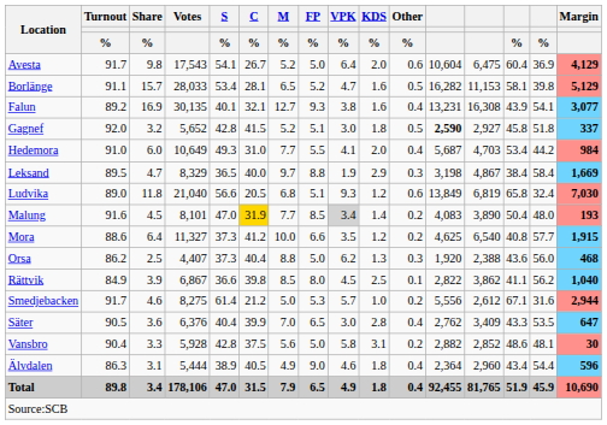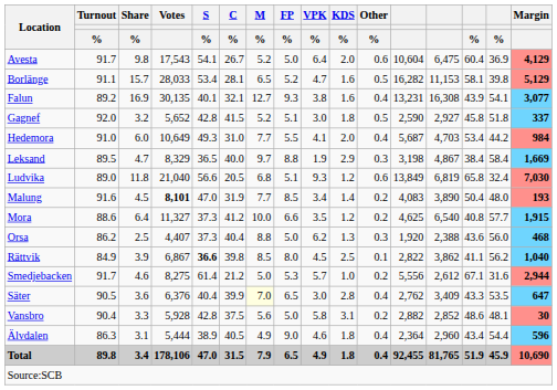 <table class="wikitable sortable" style="text-align:right; font-size:95%; line-height:20px;">
 <tr>
 <th rowspan="3">Location</th>
 <th>Turnout</th>
 <th>Share</th>
 <th>Votes</th>
 <th width="30px" class="unsortable"><a href='#'>S</a></th>
 <th width="30px" class="unsortable"><a href='#'>C</a></th>
 <th width="30px" class="unsortable"><a href='#'>M</a></th>
 <th width="30px" class="unsortable"><a href='#'>FP</a></th>
 <th width="30px" class="unsortable"><a href='#'>VPK</a></th>
 <th width="30px" class="unsortable"><a href='#'>KDS</a></th>
 <th width="30px" class="unsortable">Other</th>
 <th></th>
 <th></th>
 <th></th>
 <th></th>
 <th>Margin</th>
 </tr>
 <tr>
 <th></th>
 <th></th>
 <th></th>
 <th style="background:"></th>
 <th style="background:"></th>
 <th style="background:"></th>
 <th style="background:"></th>
 <th style="background:"></th>
 <th style="background:"></th>
 <th style="background:"></th>
 <th style="background:"></th>
 <th style="background:"></th>
 <th style="background:"></th>
 <th style="background:"></th>
 <th></th>
 </tr>
 <tr>
 <th data-sort-type="number">%</th>
 <th data-sort-type="number">%</th>
 <th></th>
 <th data-sort-type="number">%</th>
 <th data-sort-type="number">%</th>
 <th data-sort-type="number">%</th>
 <th data-sort-type="number">%</th>
 <th data-sort-type="number">%</th>
 <th data-sort-type="number">%</th>
 <th data-sort-type="number">%</th>
 <th data-sort-type="number"></th>
 <th data-sort-type="number"></th>
 <th data-sort-type="number">%</th>
 <th data-sort-type="number">%</th>
 <th data-sort-type="number"></th>
 </tr>
 <tr>
 <td align=left><a href='#'>Avesta</a></td>
 <td>91.7</td>
 <td>9.8</td>
 <td>17,543</td>
 <td>54.1</td>
 <td>26.7</td>
 <td>5.2</td>
 <td>5.0</td>
 <td>6.4</td>
 <td>2.0</td>
 <td>0.6</td>
 <td>10,604</td>
 <td>6,475</td>
 <td>60.4</td>
 <td>36.9</td>
 <td bgcolor=#ff908c><strong>4,129</strong></td>
 </tr>
 <tr>
 <td align=left><a href='#'>Borlänge</a></td>
 <td>91.1</td>
 <td>15.7</td>
 <td>28,033</td>
 <td>53.4</td>
 <td>28.1</td>
 <td>6.5</td>
 <td>5.2</td>
 <td>4.7</td>
 <td>1.6</td>
 <td>0.5</td>
 <td>16,282</td>
 <td>11,153</td>
 <td>58.1</td>
 <td>39.8</td>
 <td bgcolor=#ff908c><strong>5,129</strong></td>
 </tr>
 <tr>
 <td align=left><a href='#'>Falun</a></td>
 <td>89.2</td>
 <td>16.9</td>
 <td>30,135</td>
 <td>40.1</td>
 <td>32.1</td>
 <td>12.7</td>
 <td>9.3</td>
 <td>3.8</td>
 <td>1.6</td>
 <td>0.4</td>
 <td>13,231</td>
 <td>16,308</td>
 <td>43.9</td>
 <td>54.1</td>
 <td bgcolor=#6fd5fe><strong>3,077</strong></td>
 </tr>
 <tr>
 <td align=left><a href='#'>Gagnef</a></td>
 <td>92.0</td>
 <td>3.2</td>
 <td>5,652</td>
 <td>42.8</td>
 <td>41.5</td>
 <td>5.2</td>
 <td>5.1</td>
 <td>3.0</td>
 <td>1.8</td>
 <td>0.5</td>
-<td><strong>2,590</strong></td>
+<td>2,590</td>
 <td>2,927</td>
 <td>45.8</td>
 <td>51.8</td>
 <td bgcolor=#6fd5fe><strong>337</strong></td>
 </tr>
 <tr>
 <td align=left><a href='#'>Hedemora</a></td>
 <td>91.0</td>
 <td>6.0</td>
 <td>10,649</td>
 <td>49.3</td>
 <td>31.0</td>
 <td>7.7</td>
 <td>5.5</td>
 <td>4.1</td>
 <td>2.0</td>
 <td>0.4</td>
 <td>5,687</td>
 <td>4,703</td>
 <td>53.4</td>
 <td>44.2</td>
 <td bgcolor=#ff908c><strong>984</strong></td>
 </tr>
 <tr>
 <td align=left><a href='#'>Leksand</a></td>
 <td>89.5</td>
 <td>4.7</td>
 <td>8,329</td>
 <td>36.5</td>
 <td>40.0</td>
 <td>9.7</td>
 <td>8.8</td>
 <td>1.9</td>
 <td>2.9</td>
 <td>0.3</td>
 <td>3,198</td>
 <td>4,867</td>
 <td>38.4</td>
 <td>58.4</td>
 <td bgcolor=#6fd5fe><strong>1,669</strong></td>
 </tr>
 <tr>
 <td align=left><a href='#'>Ludvika</a></td>
 <td>89.0</td>
 <td>11.8</td>
 <td>21,040</td>
 <td>56.6</td>
 <td>20.5</td>
 <td>6.8</td>
 <td>5.1</td>
 <td>9.3</td>
 <td>1.2</td>
 <td>0.6</td>
 <td>13,849</td>
 <td>6,819</td>
 <td>65.8</td>
 <td>32.4</td>
 <td bgcolor=#ff908c><strong>7,030</strong></td>
 </tr>
 <tr>
 <td align=left><a href='#'>Malung</a></td>
 <td>91.6</td>
 <td>4.5</td>
-<td>8,101</td>
+<td><strong>8,101</strong></td>
 <td>47.0</td>
-<td style="background: gold;">31.9</td>
+<td>31.9</td>
 <td>7.7</td>
 <td>8.5</td>
-<td style="background: lightgrey;">3.4</td>
+<td>3.4</td>
 <td>1.4</td>
 <td>0.2</td>
 <td>4,083</td>
 <td>3,890</td>
 <td>50.4</td>
 <td>48.0</td>
 <td bgcolor=#ff908c><strong>193</strong></td>
 </tr>
 <tr>
 <td align=left><a href='#'>Mora</a></td>
 <td>88.6</td>
 <td>6.4</td>
 <td>11,327</td>
 <td>37.3</td>
 <td>41.2</td>
 <td>10.0</td>
 <td>6.6</td>
 <td>3.5</td>
 <td>1.2</td>
 <td>0.2</td>
 <td>4,625</td>
 <td>6,540</td>
 <td>40.8</td>
 <td>57.7</td>
 <td bgcolor=#6fd5fe><strong>1,915</strong></td>
 </tr>
 <tr>
 <td align=left><a href='#'>Orsa</a></td>
 <td>86.2</td>
 <td>2.5</td>
 <td>4,407</td>
 <td>37.3</td>
 <td>40.4</td>
 <td>8.8</td>
 <td>5.0</td>
 <td>6.2</td>
 <td>1.3</td>
 <td>0.3</td>
 <td>1,920</td>
 <td>2,388</td>
 <td>43.6</td>
 <td>56.0</td>
 <td bgcolor=#6fd5fe><strong>468</strong></td>
 </tr>
 <tr>
 <td align=left><a href='#'>Rättvik</a></td>
 <td>84.9</td>
 <td>3.9</td>
 <td>6,867</td>
-<td>36.6</td>
+<td><strong>36.6</strong></td>
 <td>39.8</td>
 <td>8.5</td>
 <td>8.0</td>
 <td>4.5</td>
 <td>2.5</td>
 <td>0.1</td>
 <td>2,822</td>
 <td>3,862</td>
 <td>41.1</td>
 <td>56.2</td>
 <td bgcolor=#6fd5fe><strong>1,040</strong></td>
 </tr>
 <tr>
 <td align=left><a href='#'>Smedjebacken</a></td>
 <td>91.7</td>
 <td>4.6</td>
 <td>8,275</td>
 <td>61.4</td>
 <td>21.2</td>
 <td>5.0</td>
 <td>5.3</td>
 <td>5.7</td>
 <td>1.0</td>
 <td>0.2</td>
 <td>5,556</td>
 <td>2,612</td>
 <td>67.1</td>
 <td>31.6</td>
 <td bgcolor=#ff908c><strong>2,944</strong></td>
 </tr>
 <tr>
 <td align=left><a href='#'>Säter</a></td>
 <td>90.5</td>
 <td>3.6</td>
 <td>6,376</td>
 <td>40.4</td>
 <td>39.9</td>
-<td>7.0</td>
+<td style="background: lightyellow;">7.0</td>
 <td>6.5</td>
 <td>3.0</td>
 <td>2.8</td>
 <td>0.4</td>
 <td>2,762</td>
 <td>3,409</td>
 <td>43.3</td>
 <td>53.5</td>
 <td bgcolor=#6fd5fe><strong>647</strong></td>
 </tr>
 <tr>
 <td align=left><a href='#'>Vansbro</a></td>
 <td>90.4</td>
 <td>3.3</td>
 <td>5,928</td>
 <td>42.8</td>
 <td>37.5</td>
 <td>5.6</td>
 <td>5.0</td>
 <td>5.8</td>
 <td>3.1</td>
 <td>0.2</td>
 <td>2,882</td>
 <td>2,852</td>
 <td>48.6</td>
 <td>48.1</td>
 <td bgcolor=#ff908c><strong>30</strong></td>
 </tr>
 <tr>
 <td align=left><a href='#'>Älvdalen</a></td>
 <td>86.3</td>
 <td>3.1</td>
 <td>5,444</td>
 <td>38.9</td>
 <td>40.5</td>
 <td>4.9</td>
 <td>9.0</td>
 <td>4.6</td>
 <td>1.8</td>
 <td>0.4</td>
 <td>2,364</td>
 <td>2,960</td>
 <td>43.4</td>
 <td>54.4</td>
 <td bgcolor=#6fd5fe><strong>596</strong></td>
 </tr>
 <tr style="background:#CDCDCD;">
 <td align=left><strong>Total</strong></td>
 <td><strong>89.8</strong></td>
 <td><strong>3.4</strong></td>
 <td><strong>178,106</strong></td>
 <td><strong>47.0</strong></td>
 <td><strong>31.5</strong></td>
 <td><strong>7.9</strong></td>
 <td><strong>6.5</strong></td>
 <td><strong>4.9</strong></td>
 <td><strong>1.8</strong></td>
 <td><strong>0.4</strong></td>
 <td><strong>92,455</strong></td>
 <td><strong>81,765</strong></td>
 <td><strong>51.9</strong></td>
 <td><strong>45.9</strong></td>
 <td bgcolor=#ff908c><strong>10,690</strong></td>
 </tr>
 <tr>
 <td align=left colspan=16>Source:SCB </td>
 </tr>
 </table>
